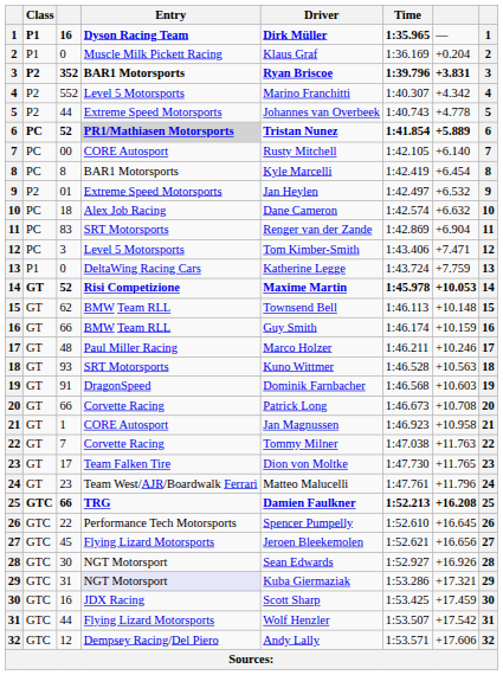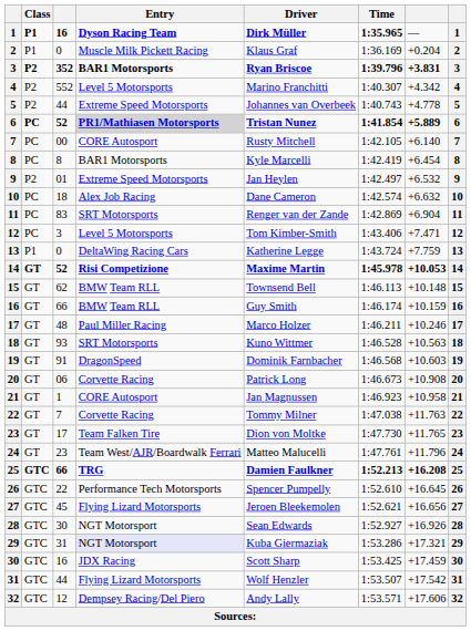 <table class="wikitable">
 <tr>
 <th></th>
 <th>Class</th>
 <th></th>
 <th>Entry</th>
 <th>Driver</th>
 <th>Time</th>
 <th></th>
 <th></th>
 </tr>
 <tr style="font-weight:bold">
 <th>1</th>
 <td>P1</td>
 <td>16</td>
 <td> <a href='#'>Dyson Racing Team</a></td>
 <td> <a href='#'>Dirk Müller</a></td>
 <td>1:35.965</td>
 <td>—</td>
 <th>1</th>
 </tr>
 <tr>
 <th>2</th>
 <td>P1</td>
 <td>0</td>
 <td> <a href='#'>Muscle Milk Pickett Racing</a></td>
 <td> <a href='#'>Klaus Graf</a></td>
 <td>1:36.169</td>
 <td>+0.204</td>
 <th>2</th>
 </tr>
 <tr style="font-weight:bold">
 <th>3</th>
 <td>P2</td>
 <td>352</td>
 <td> BAR1 Motorsports</td>
 <td> <a href='#'>Ryan Briscoe</a></td>
 <td>1:39.796</td>
 <td>+3.831</td>
 <th>3</th>
 </tr>
 <tr>
 <th>4</th>
 <td>P2</td>
 <td>552</td>
 <td> <a href='#'>Level 5 Motorsports</a></td>
 <td> <a href='#'>Marino Franchitti</a></td>
 <td>1:40.307</td>
 <td>+4.342</td>
 <th>4</th>
 </tr>
 <tr>
 <th>5</th>
 <td>P2</td>
 <td>44</td>
 <td> <a href='#'>Extreme Speed Motorsports</a></td>
 <td> <a href='#'>Johannes van Overbeek</a></td>
 <td>1:40.743</td>
 <td>+4.778</td>
 <th>5</th>
 </tr>
 <tr style="font-weight:bold">
 <th>6</th>
 <td>PC</td>
 <td>52</td>
 <td style="background: lightgrey;"> <a href='#'>PR1/Mathiasen Motorsports</a></td>
 <td> <a href='#'>Tristan Nunez</a></td>
 <td>1:41.854</td>
 <td>+5.889</td>
 <th>6</th>
 </tr>
 <tr>
 <th>7</th>
 <td>PC</td>
 <td>00</td>
 <td> <a href='#'>CORE Autosport</a></td>
 <td> <a href='#'>Rusty Mitchell</a></td>
 <td>1:42.105</td>
 <td>+6.140</td>
 <th>7</th>
 </tr>
 <tr>
 <th>8</th>
 <td>PC</td>
 <td>8</td>
 <td> BAR1 Motorsports</td>
 <td> <a href='#'>Kyle Marcelli</a></td>
 <td>1:42.419</td>
 <td>+6.454</td>
 <th>8</th>
 </tr>
 <tr>
 <th>9</th>
 <td>P2</td>
 <td>01</td>
 <td> <a href='#'>Extreme Speed Motorsports</a></td>
 <td> <a href='#'>Jan Heylen</a></td>
 <td>1:42.497</td>
 <td>+6.532</td>
 <th>9</th>
 </tr>
 <tr>
 <th>10</th>
 <td>PC</td>
 <td>18</td>
 <td> <a href='#'>Alex Job Racing</a></td>
 <td> <a href='#'>Dane Cameron</a></td>
 <td>1:42.574</td>
 <td>+6.632</td>
 <th>10</th>
 </tr>
 <tr>
 <th>11</th>
 <td>PC</td>
 <td>83</td>
 <td> <a href='#'>SRT Motorsports</a></td>
 <td> <a href='#'>Renger van der Zande</a></td>
 <td>1:42.869</td>
 <td>+6.904</td>
 <th>11</th>
 </tr>
 <tr>
 <th>12</th>
 <td>PC</td>
 <td>3</td>
 <td> <a href='#'>Level 5 Motorsports</a></td>
 <td> <a href='#'>Tom Kimber-Smith</a></td>
 <td>1:43.406</td>
 <td>+7.471</td>
 <th>12</th>
 </tr>
 <tr>
 <th>13</th>
 <td>P1</td>
 <td>0</td>
 <td> <a href='#'>DeltaWing Racing Cars</a></td>
 <td> <a href='#'>Katherine Legge</a></td>
 <td>1:43.724</td>
 <td>+7.759</td>
 <th>13</th>
 </tr>
 <tr style="font-weight:bold">
 <th>14</th>
 <td>GT</td>
 <td>52</td>
 <td> <a href='#'>Risi Competizione</a></td>
 <td> <a href='#'>Maxime Martin</a></td>
 <td>1:45.978</td>
 <td>+10.053</td>
 <th>14</th>
 </tr>
 <tr>
 <th>15</th>
 <td>GT</td>
 <td>62</td>
 <td> <a href='#'>BMW</a> <a href='#'>Team RLL</a></td>
 <td> <a href='#'>Townsend Bell</a></td>
 <td>1:46.113</td>
 <td>+10.148</td>
 <th>15</th>
 </tr>
 <tr>
 <th>16</th>
 <td>GT</td>
 <td>66</td>
 <td> <a href='#'>BMW</a> <a href='#'>Team RLL</a></td>
 <td> <a href='#'>Guy Smith</a></td>
 <td>1:46.174</td>
 <td>+10.159</td>
 <th>16</th>
 </tr>
 <tr>
 <th>17</th>
 <td>GT</td>
 <td>48</td>
 <td> <a href='#'>Paul Miller Racing</a></td>
 <td> <a href='#'>Marco Holzer</a></td>
 <td>1:46.211</td>
 <td>+10.246</td>
 <th>17</th>
 </tr>
 <tr>
 <th>18</th>
 <td>GT</td>
 <td>93</td>
 <td> <a href='#'>SRT Motorsports</a></td>
 <td> <a href='#'>Kuno Wittmer</a></td>
 <td>1:46.528</td>
 <td>+10.563</td>
 <th>18</th>
 </tr>
 <tr>
 <th>19</th>
 <td>GT</td>
 <td>91</td>
 <td> <a href='#'>DragonSpeed</a></td>
 <td> <a href='#'>Dominik Farnbacher</a></td>
 <td>1:46.568</td>
 <td>+10.603</td>
 <th>19</th>
 </tr>
 <tr>
 <th>20</th>
 <td>GT</td>
-<td>66</td>
+<td>06</td>
 <td> <a href='#'>Corvette Racing</a></td>
 <td> <a href='#'>Patrick Long</a></td>
 <td>1:46.673</td>
-<td>+10.708</td>
+<td>+10.908</td>
 <th>20</th>
 </tr>
 <tr>
 <th>21</th>
 <td>GT</td>
 <td>1</td>
 <td> <a href='#'>CORE Autosport</a></td>
 <td> <a href='#'>Jan Magnussen</a></td>
 <td>1:46.923</td>
 <td>+10.958</td>
 <th>21</th>
 </tr>
 <tr>
 <th>22</th>
 <td>GT</td>
 <td>7</td>
 <td> <a href='#'>Corvette Racing</a></td>
 <td> <a href='#'>Tommy Milner</a></td>
 <td>1:47.038</td>
 <td>+11.763</td>
 <th>22</th>
 </tr>
 <tr>
 <th>23</th>
 <td>GT</td>
 <td>17</td>
 <td> <a href='#'>Team Falken Tire</a></td>
 <td> <a href='#'>Dion von Moltke</a></td>
 <td>1:47.730</td>
 <td>+11.765</td>
 <th>23</th>
 </tr>
 <tr>
 <th>24</th>
 <td>GT</td>
 <td>23</td>
 <td> Team West/<a href='#'>AJR</a>/Boardwalk <a href='#'>Ferrari</a></td>
 <td> Matteo Malucelli</td>
 <td>1:47.761</td>
 <td>+11.796</td>
 <th>24</th>
 </tr>
 <tr style="font-weight:bold">
 <th>25</th>
 <td>GTC</td>
 <td>66</td>
 <td> <a href='#'>TRG</a></td>
 <td> <a href='#'>Damien Faulkner</a></td>
 <td>1:52.213</td>
 <td>+16.208</td>
 <th>25</th>
 </tr>
 <tr>
 <th>26</th>
 <td>GTC</td>
 <td>22</td>
 <td> Performance Tech Motorsports</td>
 <td> <a href='#'>Spencer Pumpelly</a></td>
 <td>1:52.610</td>
 <td>+16.645</td>
 <th>26</th>
 </tr>
 <tr>
 <th>27</th>
 <td>GTC</td>
 <td>45</td>
 <td> <a href='#'>Flying Lizard Motorsports</a></td>
 <td> <a href='#'>Jeroen Bleekemolen</a></td>
 <td>1:52.621</td>
 <td>+16.656</td>
 <th>27</th>
 </tr>
 <tr>
 <th>28</th>
 <td>GTC</td>
 <td>30</td>
 <td> NGT Motorsport</td>
 <td> <a href='#'>Sean Edwards</a></td>
 <td>1:52.927</td>
 <td>+16.926</td>
 <th>28</th>
 </tr>
 <tr>
 <th>29</th>
 <td>GTC</td>
 <td>31</td>
 <td style="background: lavender;"> NGT Motorsport</td>
 <td> <a href='#'>Kuba Giermaziak</a></td>
 <td>1:53.286</td>
 <td>+17.321</td>
 <th>29</th>
 </tr>
 <tr>
 <th>30</th>
 <td>GTC</td>
 <td>16</td>
 <td> <a href='#'>JDX Racing</a></td>
 <td> <a href='#'>Scott Sharp</a></td>
 <td>1:53.425</td>
 <td>+17.459</td>
 <th>30</th>
 </tr>
 <tr>
 <th>31</th>
 <td>GTC</td>
 <td>44</td>
 <td> <a href='#'>Flying Lizard Motorsports</a></td>
 <td> <a href='#'>Wolf Henzler</a></td>
 <td>1:53.507</td>
 <td>+17.542</td>
 <th>31</th>
 </tr>
 <tr>
 <th>32</th>
 <td>GTC</td>
 <td>12</td>
 <td> <a href='#'>Dempsey Racing</a>/<a href='#'>Del Piero</a></td>
 <td> <a href='#'>Andy Lally</a></td>
 <td>1:53.571</td>
 <td>+17.606</td>
 <th>32</th>
 </tr>
 <tr>
 <th colspan="8">Sources:</th>
 </tr>
 </table>
